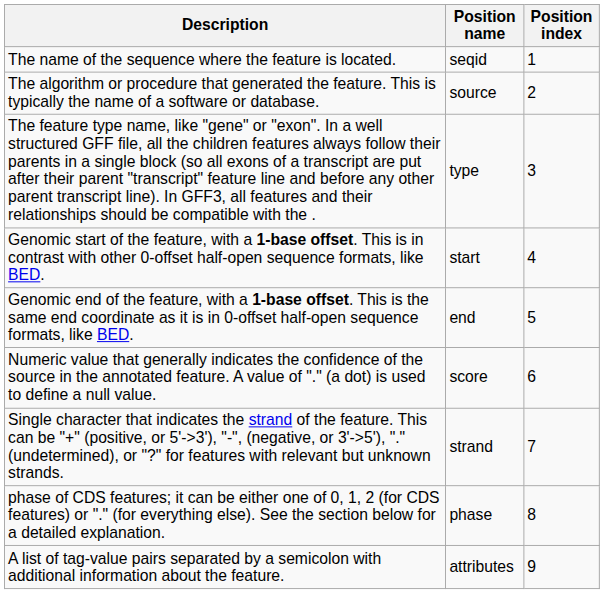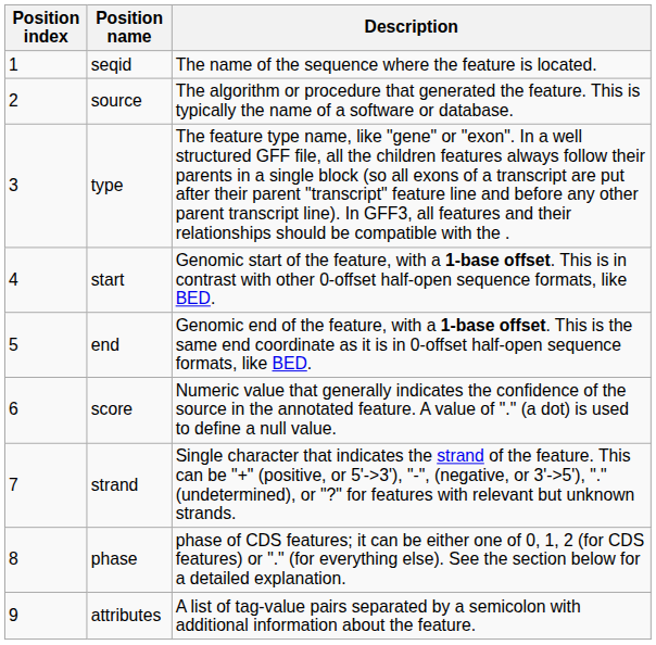 <table class="wikitable">
 <tr>
+<th>Position index</th>
+<th>Position name</th>
 <th>Description</th>
-<th>Position name</th>
-<th>Position index</th>
 </tr>
 <tr>
+<td>1</td>
+<td>seqid</td>
 <td>The name of the sequence where the feature is located.</td>
-<td>seqid</td>
-<td>1</td>
 </tr>
 <tr>
+<td>2</td>
+<td>source</td>
 <td>The algorithm or procedure that generated the feature. This is typically the name of a software or database.</td>
-<td>source</td>
-<td>2</td>
 </tr>
 <tr>
+<td>3</td>
+<td>type</td>
 <td>The feature type name, like "gene" or "exon". In a well structured GFF file, all the children features always follow their parents in a single block (so all exons of a transcript are put after their parent "transcript" feature line and before any other parent transcript line). In GFF3, all features and their relationships should be compatible with the .</td>
-<td>type</td>
-<td>3</td>
 </tr>
 <tr>
+<td>4</td>
+<td>start</td>
 <td>Genomic start of the feature, with a <strong>1-base offset</strong>. This is in contrast with other 0-offset half-open sequence formats, like <a href='#'>BED</a>.</td>
-<td>start</td>
-<td>4</td>
 </tr>
 <tr>
+<td>5</td>
+<td>end</td>
 <td>Genomic end of the feature, with a <strong>1-base offset</strong>. This is the same end coordinate as it is in 0-offset half-open sequence formats, like <a href='#'>BED</a>.</td>
-<td>end</td>
-<td>5</td>
 </tr>
 <tr>
+<td>6</td>
+<td>score</td>
 <td>Numeric value that generally indicates the confidence of the source in the annotated feature. A value of "." (a dot) is used to define a null value.</td>
-<td>score</td>
-<td>6</td>
 </tr>
 <tr>
+<td>7</td>
+<td>strand</td>
 <td>Single character that indicates the <a href='#'>strand</a> of the feature. This can be "+" (positive, or 5'->3'), "-", (negative, or 3'->5'), "." (undetermined), or "?" for features with relevant but unknown strands.</td>
-<td>strand</td>
-<td>7</td>
 </tr>
 <tr>
+<td>8</td>
+<td>phase</td>
 <td>phase of CDS features; it can be either one of 0, 1, 2 (for CDS features) or "." (for everything else). See the section below for a detailed explanation.</td>
-<td>phase</td>
-<td>8</td>
 </tr>
 <tr>
+<td>9</td>
+<td>attributes</td>
 <td>A list of tag-value pairs separated by a semicolon with additional information about the feature.</td>
-<td>attributes</td>
-<td>9</td>
 </tr>
 </table>
